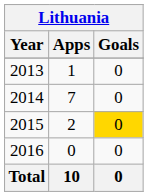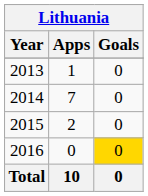 <table class="wikitable" style="text-align:center">
 <tr>
 <th colspan=3><a href='#'>Lithuania</a></th>
 </tr>
 <tr>
 <th>Year</th>
 <th>Apps</th>
 <th>Goals</th>
 </tr>
 <tr>
 </tr>
 <tr>
 <td>2013</td>
 <td>1</td>
 <td>0</td>
 </tr>
 <tr>
 <td>2014</td>
 <td>7</td>
 <td>0</td>
 </tr>
 <tr>
 <td>2015</td>
 <td>2</td>
-<td style="background: gold;">0</td>
+<td>0</td>
 </tr>
 <tr>
 <td>2016</td>
 <td>0</td>
-<td>0</td>
+<td style="background: gold;">0</td>
 </tr>
 <tr>
 <th>Total</th>
 <th>10</th>
 <th>0</th>
 </tr>
 </table>
